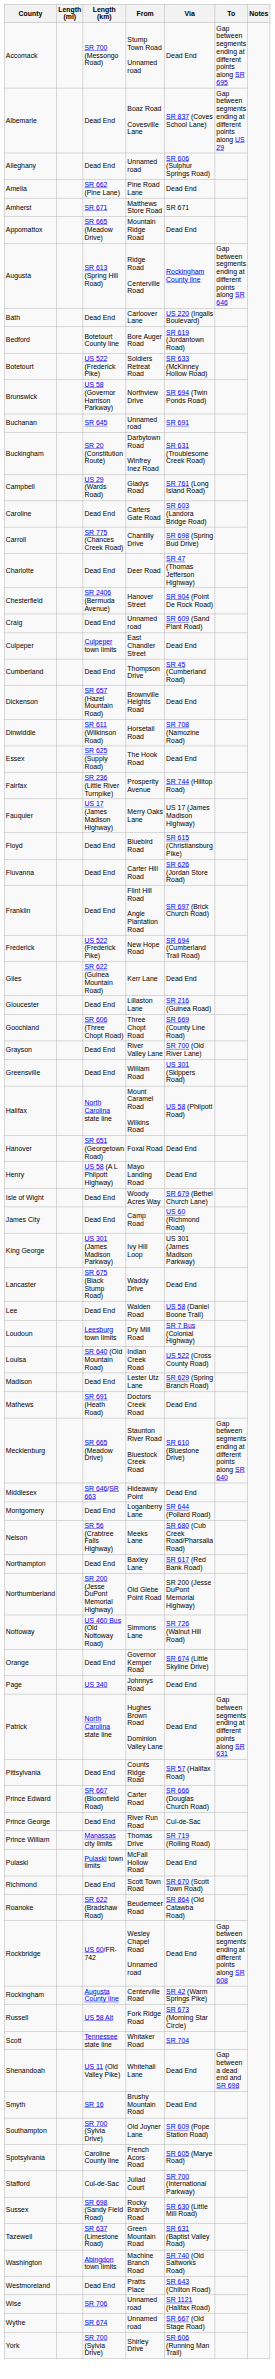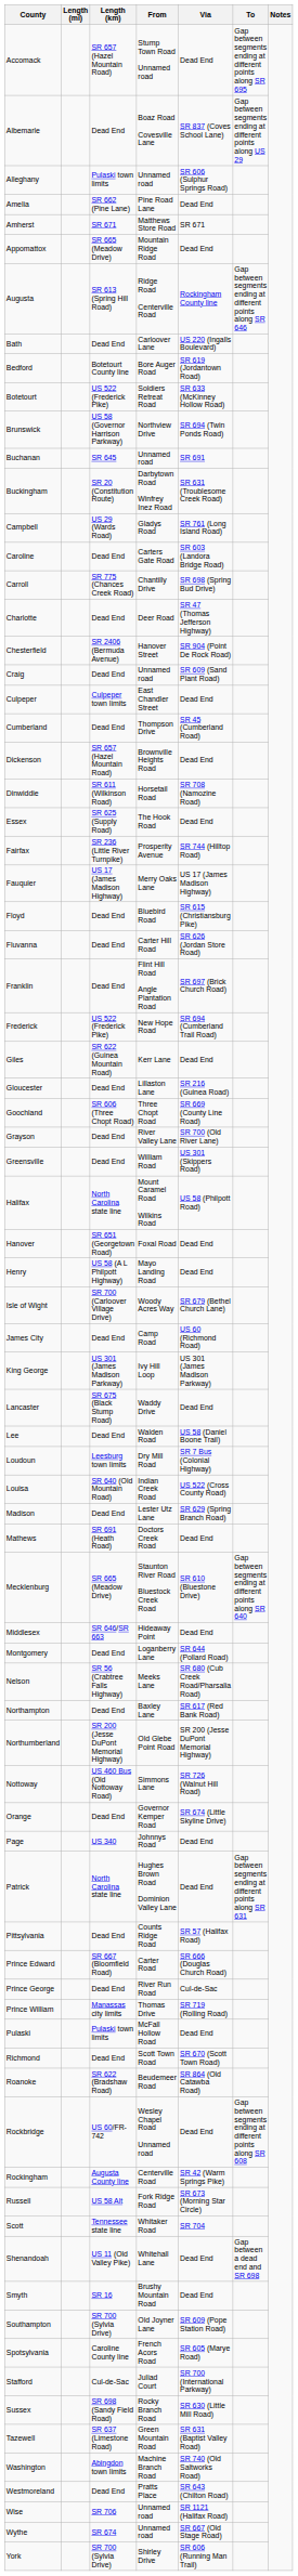 <table class="wikitable sortable">
 <tr>
 <th>County</th>
 <th>Length<br>(mi)</th>
 <th>Length<br>(km)</th>
 <th class="unsortable">From</th>
 <th class="unsortable">Via</th>
 <th class="unsortable">To</th>
 <th class="unsortable">Notes</th>
 </tr>
 <tr>
 <td id="Accomack">Accomack</td>
 <td></td>
-<td><a href='#'>SR 700</a> (Messongo Road)</td>
+<td><a href='#'>SR 657</a> (Hazel Mountain Road)</td>
 <td>Stump Town Road<br><br>Unnamed road</td>
 <td>Dead End</td>
 <td>Gap between segments ending at different points along <a href='#'>SR 695</a></td>
 </tr>
 <tr>
 <td id="Albemarle">Albemarle</td>
 <td></td>
 <td>Dead End</td>
 <td>Boaz Road<br><br>Covesville Lane</td>
 <td><a href='#'>SR 837</a> (Coves School Lane)</td>
 <td>Gap between segments ending at different points along <a href='#'>US 29</a></td>
 </tr>
 <tr>
 <td id="Alleghany">Alleghany</td>
 <td></td>
-<td>Dead End</td>
+<td><a href='#'>Pulaski</a> town limits</td>
 <td>Unnamed road</td>
 <td><a href='#'>SR 606</a> (Sulphur Springs Road)</td>
 <td></td>
 </tr>
 <tr>
 <td id="Amelia">Amelia</td>
 <td></td>
 <td><a href='#'>SR 662</a> (Pine Lane)</td>
 <td>Pine Road Lane</td>
 <td>Dead End</td>
 <td></td>
 </tr>
 <tr>
 <td id="Amherst">Amherst</td>
 <td></td>
 <td><a href='#'>SR 671</a></td>
 <td>Matthews Store Road</td>
 <td>SR 671</td>
 <td></td>
 </tr>
 <tr>
 <td id="Appomattox">Appomattox</td>
 <td></td>
 <td><a href='#'>SR 665</a> (Meadow Drive)</td>
 <td>Mountain Ridge Road</td>
 <td>Dead End</td>
 <td><br></td>
 </tr>
 <tr>
 <td id="Augusta">Augusta</td>
 <td></td>
 <td><a href='#'>SR 613</a> (Spring Hill Road)</td>
 <td>Ridge Road<br><br>Centerville Road</td>
 <td><a href='#'>Rockingham County line</a></td>
 <td>Gap between segments ending at different points along <a href='#'>SR 646</a></td>
 </tr>
 <tr>
 <td id="Bath">Bath</td>
 <td></td>
 <td>Dead End</td>
 <td>Carloover Lane</td>
 <td><a href='#'>US 220</a> (Ingalls Boulevard)</td>
 <td></td>
 </tr>
 <tr>
 <td id="Bedford">Bedford</td>
 <td></td>
 <td>Botetourt County line</td>
 <td>Bore Auger Road</td>
 <td><a href='#'>SR 619</a> (Jordantown Road)</td>
 <td><br></td>
 </tr>
 <tr>
 <td id="Botetourt">Botetourt</td>
 <td></td>
 <td><a href='#'>US 522</a> (Frederick Pike)</td>
 <td>Soldiers Retreat Road</td>
 <td><a href='#'>SR 633</a> (McKinney Hollow Road)</td>
 <td></td>
 </tr>
 <tr>
 <td id="Brunswick">Brunswick</td>
 <td></td>
 <td><a href='#'>US 58</a> (Governor Harrison Parkway)</td>
 <td>Northview Drive</td>
 <td><a href='#'>SR 694</a> (Twin Ponds Road)</td>
 <td></td>
 </tr>
 <tr>
 <td id="Buchanan">Buchanan</td>
 <td></td>
 <td><a href='#'>SR 645</a></td>
 <td>Unnamed road</td>
 <td><a href='#'>SR 691</a></td>
 <td></td>
 </tr>
 <tr>
 <td id="Buckingham">Buckingham</td>
 <td></td>
 <td><a href='#'>SR 20</a> (Constitution Route)</td>
 <td>Darbytown Road<br><br>Winfrey Inez Road</td>
 <td><a href='#'>SR 631</a> (Troublesome Creek Road)</td>
 <td></td>
 </tr>
 <tr>
 <td id="Campbell">Campbell</td>
 <td></td>
 <td><a href='#'>US 29</a> (Wards Road)</td>
 <td>Gladys Road</td>
 <td><a href='#'>SR 761</a> (Long Island Road)</td>
 <td></td>
 </tr>
 <tr>
 <td id="Caroline">Caroline</td>
 <td></td>
 <td>Dead End</td>
 <td>Carters Gate Road</td>
 <td><a href='#'>SR 603</a> (Landora Bridge Road)</td>
 <td></td>
 </tr>
 <tr>
 <td id="Carroll">Carroll</td>
 <td></td>
 <td><a href='#'>SR 775</a> (Chances Creek Road)</td>
 <td>Chantilly Drive</td>
 <td><a href='#'>SR 698</a> (Spring Bud Drive)</td>
 <td><br></td>
 </tr>
 <tr>
 <td id="Charlotte">Charlotte</td>
 <td></td>
 <td>Dead End</td>
 <td>Deer Road</td>
 <td><a href='#'>SR 47</a> (Thomas Jefferson Highway)</td>
 <td></td>
 </tr>
 <tr>
 <td id="Chesterfield">Chesterfield</td>
 <td></td>
 <td><a href='#'>SR 2406</a> (Bermuda Avenue)</td>
 <td>Hanover Street</td>
 <td><a href='#'>SR 904</a> (Point De Rock Road)</td>
 <td><br></td>
 </tr>
 <tr>
 <td id="Craig">Craig</td>
 <td></td>
 <td>Dead End</td>
 <td>Unnamed road</td>
 <td><a href='#'>SR 609</a> (Sand Plant Road)</td>
 <td></td>
 </tr>
 <tr>
 <td id="Culpeper">Culpeper</td>
 <td></td>
 <td><a href='#'>Culpeper</a> town limits</td>
 <td>East Chandler Street</td>
 <td>Dead End</td>
 <td></td>
 </tr>
 <tr>
 <td id="Cumberland">Cumberland</td>
 <td></td>
 <td>Dead End</td>
 <td>Thompson Drive</td>
 <td><a href='#'>SR 45</a> (Cumberland Road)</td>
 <td></td>
 </tr>
 <tr>
 <td id="Dickenson">Dickenson</td>
 <td></td>
 <td><a href='#'>SR 657</a> (Hazel Mountain Road)</td>
 <td>Brownville Heights Road</td>
 <td>Dead End</td>
 <td></td>
 </tr>
 <tr>
 <td id="Dinwiddie">Dinwiddie</td>
 <td></td>
 <td><a href='#'>SR 611</a> (Wilkinson Road)</td>
 <td>Horsetail Road</td>
 <td><a href='#'>SR 708</a> (Namozine Road)</td>
 <td></td>
 </tr>
 <tr>
 <td id="Essex">Essex</td>
 <td></td>
 <td><a href='#'>SR 625</a> (Supply Road)</td>
 <td>The Hook Road</td>
 <td>Dead End</td>
 <td></td>
 </tr>
 <tr>
 <td id="Fairfax">Fairfax</td>
 <td></td>
 <td><a href='#'>SR 236</a> (Little River Turnpike)</td>
 <td>Prosperity Avenue</td>
 <td><a href='#'>SR 744</a> (Hilltop Road)</td>
 <td></td>
 </tr>
 <tr>
 <td id="Fauquier">Fauquier</td>
 <td></td>
 <td><a href='#'>US 17</a> (James Madison Highway)</td>
 <td>Merry Oaks Lane</td>
 <td>US 17 (James Madison Highway)</td>
 <td></td>
 </tr>
 <tr>
 <td id="Floyd">Floyd</td>
 <td></td>
 <td>Dead End</td>
 <td>Bluebird Road</td>
 <td><a href='#'>SR 615</a> (Christiansburg Pike)</td>
 <td></td>
 </tr>
 <tr>
 <td id="Fluvanna">Fluvanna</td>
 <td></td>
 <td>Dead End</td>
 <td>Carter Hill Road</td>
 <td><a href='#'>SR 626</a> (Jordan Store Road)</td>
 <td></td>
 </tr>
 <tr>
 <td id="Franklin">Franklin</td>
 <td></td>
 <td>Dead End</td>
 <td>Flint Hill Road<br><br>Angle Plantation Road</td>
 <td><a href='#'>SR 697</a> (Brick Church Road)</td>
 <td></td>
 </tr>
 <tr>
 <td id="Frederick">Frederick</td>
 <td></td>
 <td><a href='#'>US 522</a> (Frederick Pike)</td>
 <td>New Hope Road</td>
 <td><a href='#'>SR 694</a> (Cumberland Trail Road)</td>
 <td></td>
 </tr>
 <tr>
 <td id="Giles">Giles</td>
 <td></td>
 <td><a href='#'>SR 622</a> (Guinea Mountain Road)</td>
 <td>Kerr Lane</td>
 <td>Dead End</td>
 <td></td>
 </tr>
 <tr>
 <td id="Gloucester">Gloucester</td>
 <td></td>
 <td>Dead End</td>
 <td>Lillaston Lane</td>
 <td><a href='#'>SR 216</a> (Guinea Road)</td>
 <td></td>
 </tr>
 <tr>
 <td id="Goochland">Goochland</td>
 <td></td>
 <td><a href='#'>SR 606</a> (Three Chopt Road)</td>
 <td>Three Chopt Road</td>
 <td><a href='#'>SR 669</a> (County Line Road)</td>
 <td></td>
 </tr>
 <tr>
 <td id="Grayson">Grayson</td>
 <td></td>
 <td>Dead End</td>
 <td>River Valley Lane</td>
 <td><a href='#'>SR 700</a> (Old River Lane)</td>
 <td><br></td>
 </tr>
 <tr>
 <td id="Greensville">Greensville</td>
 <td></td>
 <td>Dead End</td>
 <td>William Road</td>
 <td><a href='#'>US 301</a> (Skippers Road)</td>
 <td></td>
 </tr>
 <tr>
 <td id="Halifax">Halifax</td>
 <td></td>
 <td><a href='#'>North Carolina</a> state line</td>
 <td>Mount Caramel Road<br><br>Wilkins Road</td>
 <td><a href='#'>US 58</a> (Philpott Road)</td>
 <td></td>
 </tr>
 <tr>
 <td id="Hanover">Hanover</td>
 <td></td>
 <td><a href='#'>SR 651</a> (Georgetown Road)</td>
 <td>Foxal Road</td>
 <td>Dead End</td>
 <td><br></td>
 </tr>
 <tr>
 <td id="Henry">Henry</td>
 <td></td>
 <td><a href='#'>US 58</a> (A L Philpott Highway)</td>
 <td>Mayo Landing Road</td>
 <td>Dead End</td>
 <td><br></td>
 </tr>
 <tr>
 <td id="Isle of Wight">Isle of Wight</td>
 <td></td>
-<td>Dead End</td>
+<td><a href='#'>SR 700</a> (Carloover Village Drive)</td>
 <td>Woody Acres Way</td>
 <td><a href='#'>SR 679</a> (Bethel Church Lane)</td>
 <td></td>
 </tr>
 <tr>
 <td id="James City">James City</td>
 <td></td>
 <td>Dead End</td>
 <td>Camp Road</td>
 <td><a href='#'>US 60</a> (Richmond Road)</td>
 <td><br></td>
 </tr>
 <tr>
 <td id="King George">King George</td>
 <td></td>
 <td><a href='#'>US 301</a> (James Madison Parkway)</td>
 <td>Ivy Hill Loop</td>
 <td>US 301 (James Madison Parkway)</td>
 <td><br></td>
 </tr>
 <tr>
 <td id="Lancaster">Lancaster</td>
 <td></td>
 <td><a href='#'>SR 675</a> (Black Stump Road)</td>
 <td>Waddy Drive</td>
 <td>Dead End</td>
 <td></td>
 </tr>
 <tr>
 <td id="Lee">Lee</td>
 <td></td>
 <td>Dead End</td>
 <td>Walden Road</td>
 <td><a href='#'>US 58</a> (Daniel Boone Trail)</td>
 <td></td>
 </tr>
 <tr>
 <td id="Loudoun">Loudoun</td>
 <td></td>
 <td><a href='#'>Leesburg</a> town limits</td>
 <td>Dry Mill Road</td>
 <td><a href='#'>SR 7 Bus</a> (Colonial Highway)</td>
 <td></td>
 </tr>
 <tr>
 <td id="Louisa">Louisa</td>
 <td></td>
 <td><a href='#'>SR 640</a> (Old Mountain Road)</td>
 <td>Indian Creek Road</td>
 <td><a href='#'>US 522</a> (Cross County Road)</td>
 <td><br></td>
 </tr>
 <tr>
 <td id="Madison">Madison</td>
 <td></td>
 <td>Dead End</td>
 <td>Lester Utz Lane</td>
 <td><a href='#'>SR 629</a> (Spring Branch Road)</td>
 <td></td>
 </tr>
 <tr>
 <td id="Mathews">Mathews</td>
 <td></td>
 <td><a href='#'>SR 691</a> (Heath Road)</td>
 <td>Doctors Creek Road</td>
 <td>Dead End</td>
 <td></td>
 </tr>
 <tr>
 <td id="Mecklenburg">Mecklenburg</td>
 <td></td>
 <td><a href='#'>SR 665</a> (Meadow Drive)</td>
 <td>Staunton River Road<br><br>Bluestock Creek Road</td>
 <td><a href='#'>SR 610</a> (Bluestone Drive)</td>
 <td>Gap between segments ending at different points along <a href='#'>SR 640</a></td>
 </tr>
 <tr>
 <td id="Middlesex">Middlesex</td>
 <td></td>
 <td><a href='#'>SR 646</a>/<a href='#'>SR 663</a></td>
 <td>Hideaway Point</td>
 <td>Dead End</td>
 <td></td>
 </tr>
 <tr>
 <td id="Montgomery">Montgomery</td>
 <td></td>
 <td>Dead End</td>
 <td>Loganberry Lane</td>
 <td><a href='#'>SR 644</a> (Pollard Road)</td>
 <td></td>
 </tr>
 <tr>
 <td id="Nelson">Nelson</td>
 <td></td>
 <td><a href='#'>SR 56</a> (Crabtree Falls Highway)</td>
 <td>Meeks Lane</td>
 <td><a href='#'>SR 680</a> (Cub Creek Road/Pharsalia Road)</td>
 <td><br></td>
 </tr>
 <tr>
 <td id="Northampton">Northampton</td>
 <td></td>
 <td>Dead End</td>
 <td>Baxley Lane</td>
 <td><a href='#'>SR 617</a> (Red Bank Road)</td>
 <td></td>
 </tr>
 <tr>
 <td id="Northumberland">Northumberland</td>
 <td></td>
 <td><a href='#'>SR 200</a> (Jesse DuPont Memorial Highway)</td>
 <td>Old Glebe Point Road</td>
 <td>SR 200 (Jesse DuPont Memorial Highway)</td>
 <td></td>
 </tr>
 <tr>
 <td id="Nottoway">Nottoway</td>
 <td></td>
 <td><a href='#'>US 460 Bus</a> (Old Nottoway Road)</td>
 <td>Simmons Lane</td>
 <td><a href='#'>SR 726</a> (Walnut Hill Road)</td>
 <td></td>
 </tr>
 <tr>
 <td id="Orange">Orange</td>
 <td></td>
 <td>Dead End</td>
 <td>Governor Kemper Road</td>
 <td><a href='#'>SR 674</a> (Little Skyline Drive)</td>
 <td></td>
 </tr>
 <tr>
 <td id="Page">Page</td>
 <td></td>
 <td><a href='#'>US 340</a></td>
 <td>Johnnys Road</td>
 <td>Dead End</td>
 <td></td>
 </tr>
 <tr>
 <td id="Patrick">Patrick</td>
 <td></td>
 <td><a href='#'>North Carolina</a> state line</td>
 <td>Hughes Brown Road<br><br>Dominion Valley Lane</td>
 <td>Dead End</td>
 <td>Gap between segments ending at different points along <a href='#'>SR 631</a></td>
 </tr>
 <tr>
 <td id="Pittsylvania">Pittsylvania</td>
 <td></td>
 <td>Dead End</td>
 <td>Counts Ridge Road</td>
 <td><a href='#'>SR 57</a> (Halifax Road)</td>
 <td><br></td>
 </tr>
 <tr>
 <td id="Prince Edward">Prince Edward</td>
 <td></td>
 <td><a href='#'>SR 667</a> (Bloomfield Road)</td>
 <td>Carter Road</td>
 <td><a href='#'>SR 666</a> (Douglas Church Road)</td>
 <td></td>
 </tr>
 <tr>
 <td id="Prince George">Prince George</td>
 <td></td>
 <td>Dead End</td>
 <td>River Run Road</td>
 <td>Cul-de-Sac</td>
 <td></td>
 </tr>
 <tr>
 <td id="Prince William">Prince William</td>
 <td></td>
 <td><a href='#'>Manassas</a> city limits</td>
 <td>Thomas Drive</td>
 <td><a href='#'>SR 719</a> (Rolling Road)</td>
 <td></td>
 </tr>
 <tr>
 <td id="Pulaski">Pulaski</td>
 <td></td>
 <td><a href='#'>Pulaski</a> town limits</td>
 <td>McFall Hollow Road</td>
 <td>Dead End</td>
 <td><br></td>
 </tr>
 <tr>
 <td id="Richmond">Richmond</td>
 <td></td>
 <td>Dead End</td>
 <td>Scott Town Road</td>
 <td><a href='#'>SR 670</a> (Scott Town Road)</td>
 <td></td>
 </tr>
 <tr>
 <td id="Roanoke">Roanoke</td>
 <td></td>
 <td><a href='#'>SR 622</a> (Bradshaw Road)</td>
 <td>Beudemeer Road</td>
 <td><a href='#'>SR 864</a> (Old Catawba Road)</td>
 <td></td>
 </tr>
 <tr>
 <td id="Rockbridge">Rockbridge</td>
 <td></td>
 <td><a href='#'>US 60</a>/FR-742</td>
 <td>Wesley Chapel Road<br><br>Unnamed road</td>
 <td>Dead End</td>
 <td>Gap between segments ending at different points along <a href='#'>SR 608</a></td>
 </tr>
 <tr>
 <td id="Rockingham">Rockingham</td>
 <td></td>
 <td><a href='#'>Augusta County line</a></td>
 <td>Centerville Road</td>
 <td><a href='#'>SR 42</a> (Warm Springs Pike)</td>
 <td></td>
 </tr>
 <tr>
 <td id="Russell">Russell</td>
 <td></td>
 <td><a href='#'>US 58 Alt</a></td>
 <td>Fork Ridge Road</td>
 <td><a href='#'>SR 673</a> (Morning Star Circle)</td>
 <td></td>
 </tr>
 <tr>
 <td id="Scott">Scott</td>
 <td></td>
 <td><a href='#'>Tennessee</a> state line</td>
 <td>Whitaker Road</td>
 <td><a href='#'>SR 704</a></td>
 <td></td>
 </tr>
 <tr>
 <td id="Shenandoah">Shenandoah</td>
 <td></td>
 <td><a href='#'>US 11</a> (Old Valley Pike)</td>
 <td>Whitehall Lane</td>
 <td>Dead End</td>
 <td>Gap between a dead end and <a href='#'>SR 698</a></td>
 </tr>
 <tr>
 <td id="Smyth">Smyth</td>
 <td></td>
 <td><a href='#'>SR 16</a></td>
 <td>Brushy Mountain Road</td>
 <td>Dead End</td>
 <td></td>
 </tr>
 <tr>
 <td id="Southampton">Southampton</td>
 <td></td>
 <td><a href='#'>SR 700</a> (Sylvia Drive)</td>
 <td>Old Joyner Lane</td>
 <td><a href='#'>SR 609</a> (Pope Station Road)</td>
 <td></td>
 </tr>
 <tr>
 <td id="Spotsylvania">Spotsylvania</td>
 <td></td>
 <td>Caroline County line</td>
 <td>French Acors Road</td>
 <td><a href='#'>SR 605</a> (Marye Road)</td>
 <td></td>
 </tr>
 <tr>
 <td id="Stafford">Stafford</td>
 <td></td>
 <td>Cul-de-Sac</td>
 <td>Juliad Court</td>
 <td><a href='#'>SR 700</a> (International Parkway)</td>
 <td><br></td>
 </tr>
 <tr>
 <td id="Sussex">Sussex</td>
 <td></td>
 <td><a href='#'>SR 698</a> (Sandy Field Road)</td>
 <td>Rocky Branch Road</td>
 <td><a href='#'>SR 630</a> (Little Mill Road)</td>
 <td></td>
 </tr>
 <tr>
 <td id="Tazewell">Tazewell</td>
 <td></td>
 <td><a href='#'>SR 637</a> (Limestone Road)</td>
 <td>Green Mountain Road</td>
 <td><a href='#'>SR 631</a> (Baptist Valley Road)</td>
 <td><br></td>
 </tr>
 <tr>
 <td id="Washington">Washington</td>
 <td></td>
 <td><a href='#'>Abingdon</a> town limits</td>
 <td>Machine Branch Road</td>
 <td><a href='#'>SR 740</a> (Old Saltworks Road)</td>
 <td></td>
 </tr>
 <tr>
 <td id="Westmoreland">Westmoreland</td>
 <td></td>
 <td>Dead End</td>
 <td>Pratts Place</td>
 <td><a href='#'>SR 643</a> (Chilton Road)</td>
 <td></td>
 </tr>
 <tr>
 <td id="Wise">Wise</td>
 <td></td>
 <td><a href='#'>SR 706</a></td>
 <td>Unnamed road</td>
 <td><a href='#'>SR 1121</a> (Halifax Road)</td>
 <td></td>
 </tr>
 <tr>
 <td id="Wythe">Wythe</td>
 <td></td>
 <td><a href='#'>SR 674</a></td>
 <td>Unnamed road</td>
 <td><a href='#'>SR 667</a> (Old Stage Road)</td>
 <td></td>
 </tr>
 <tr>
 <td id="York">York</td>
 <td></td>
 <td><a href='#'>SR 700</a> (Sylvia Drive)</td>
 <td>Shirley Drive</td>
 <td><a href='#'>SR 606</a> (Running Man Trail)</td>
 <td></td>
 </tr>
 </table>
